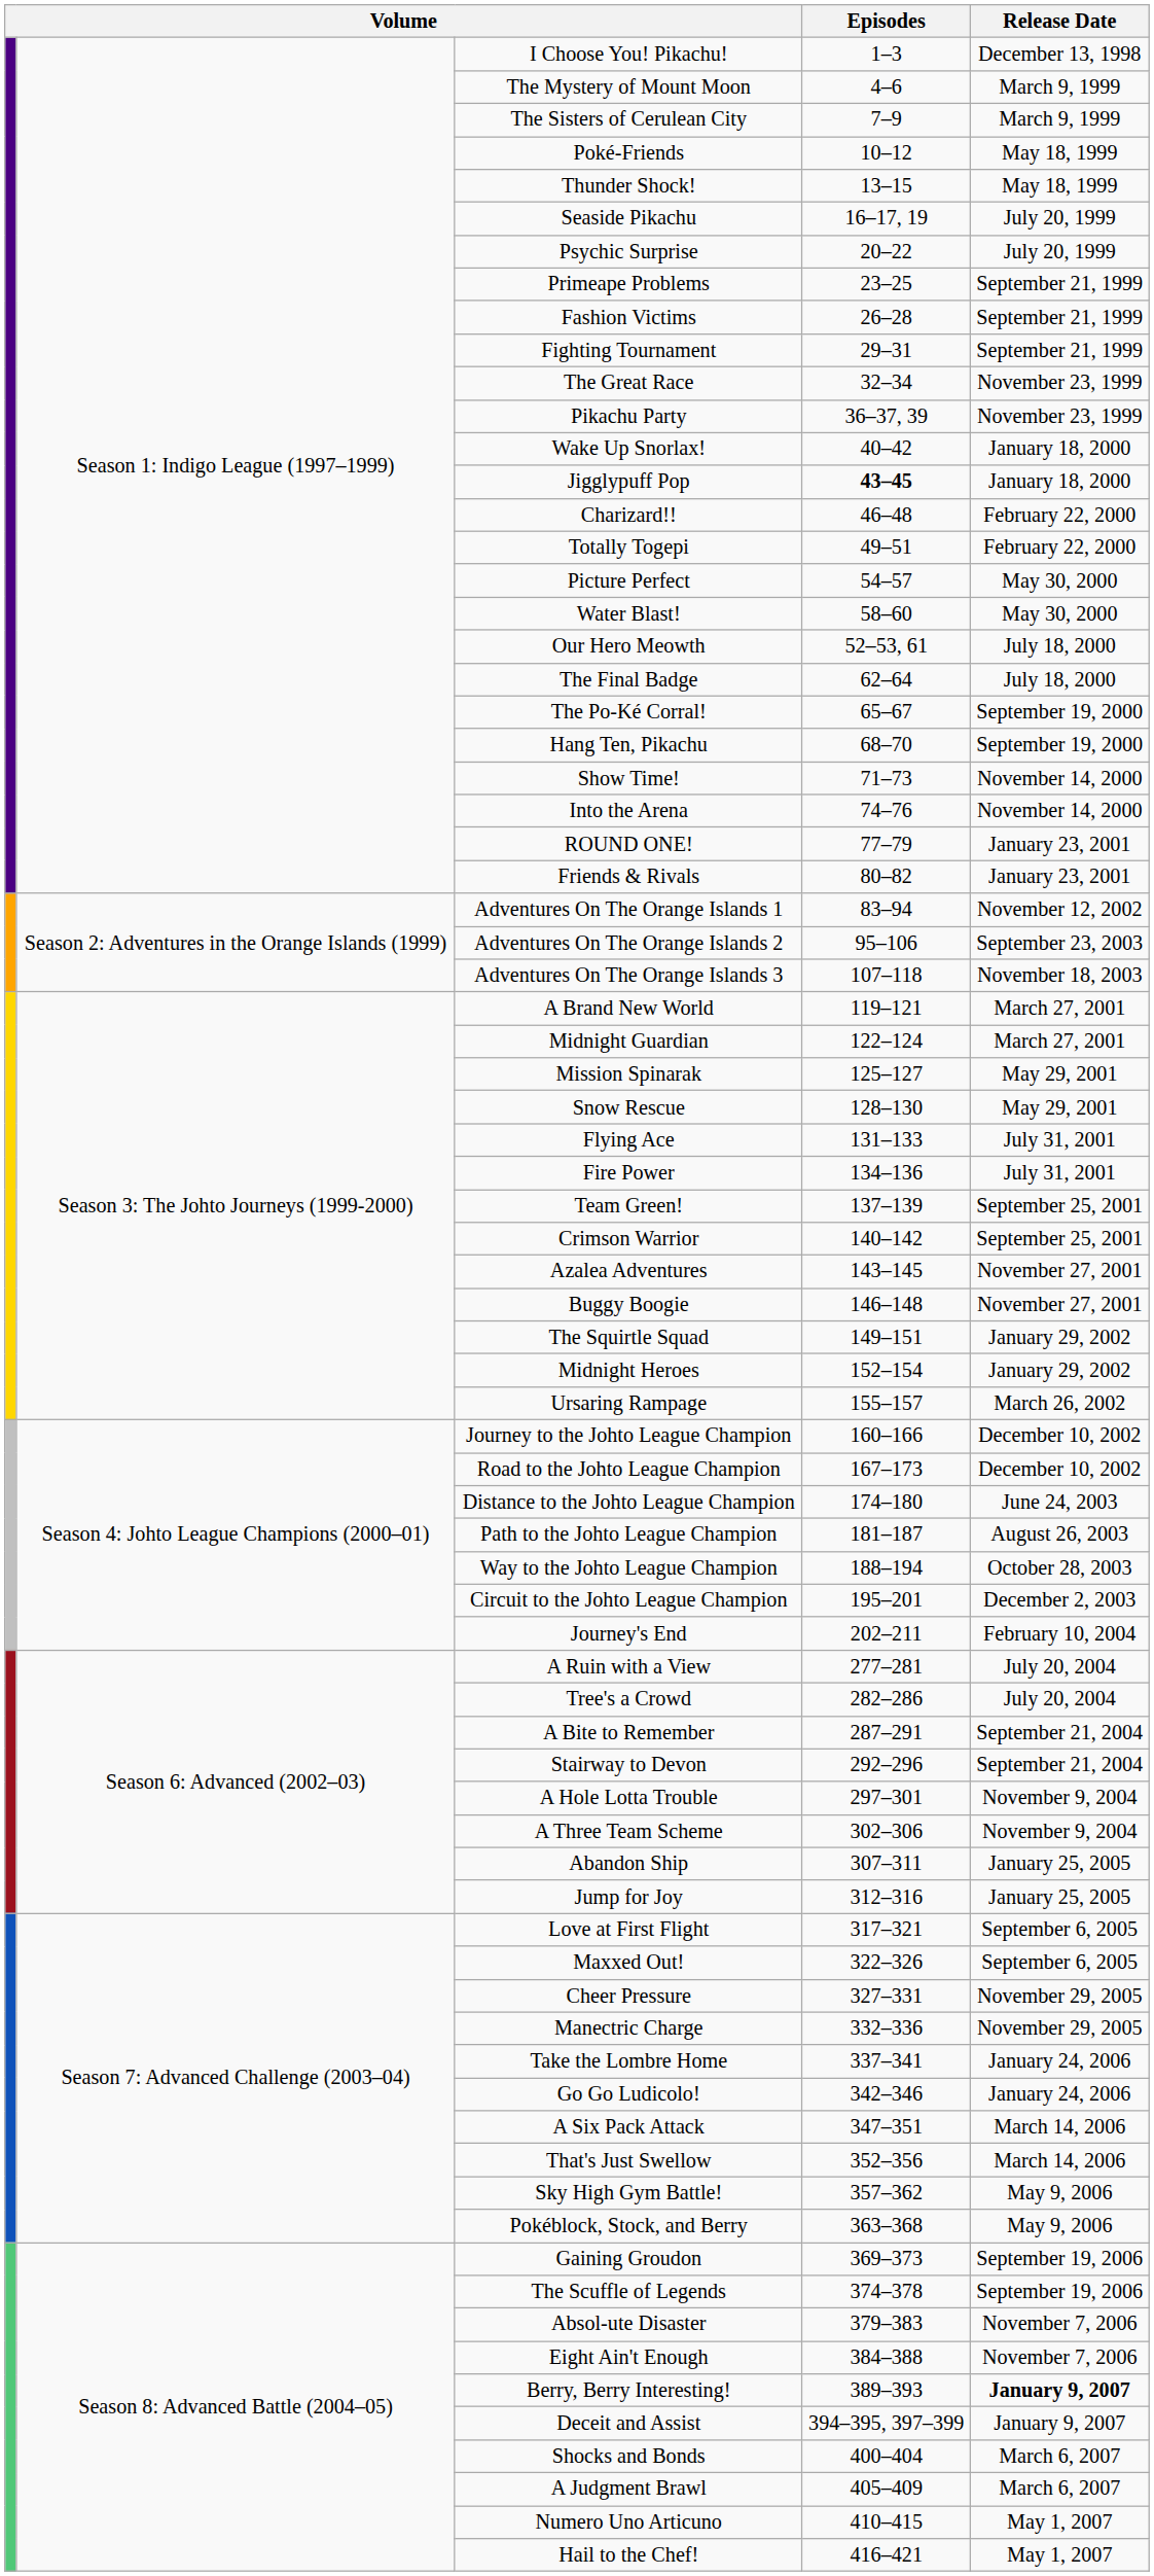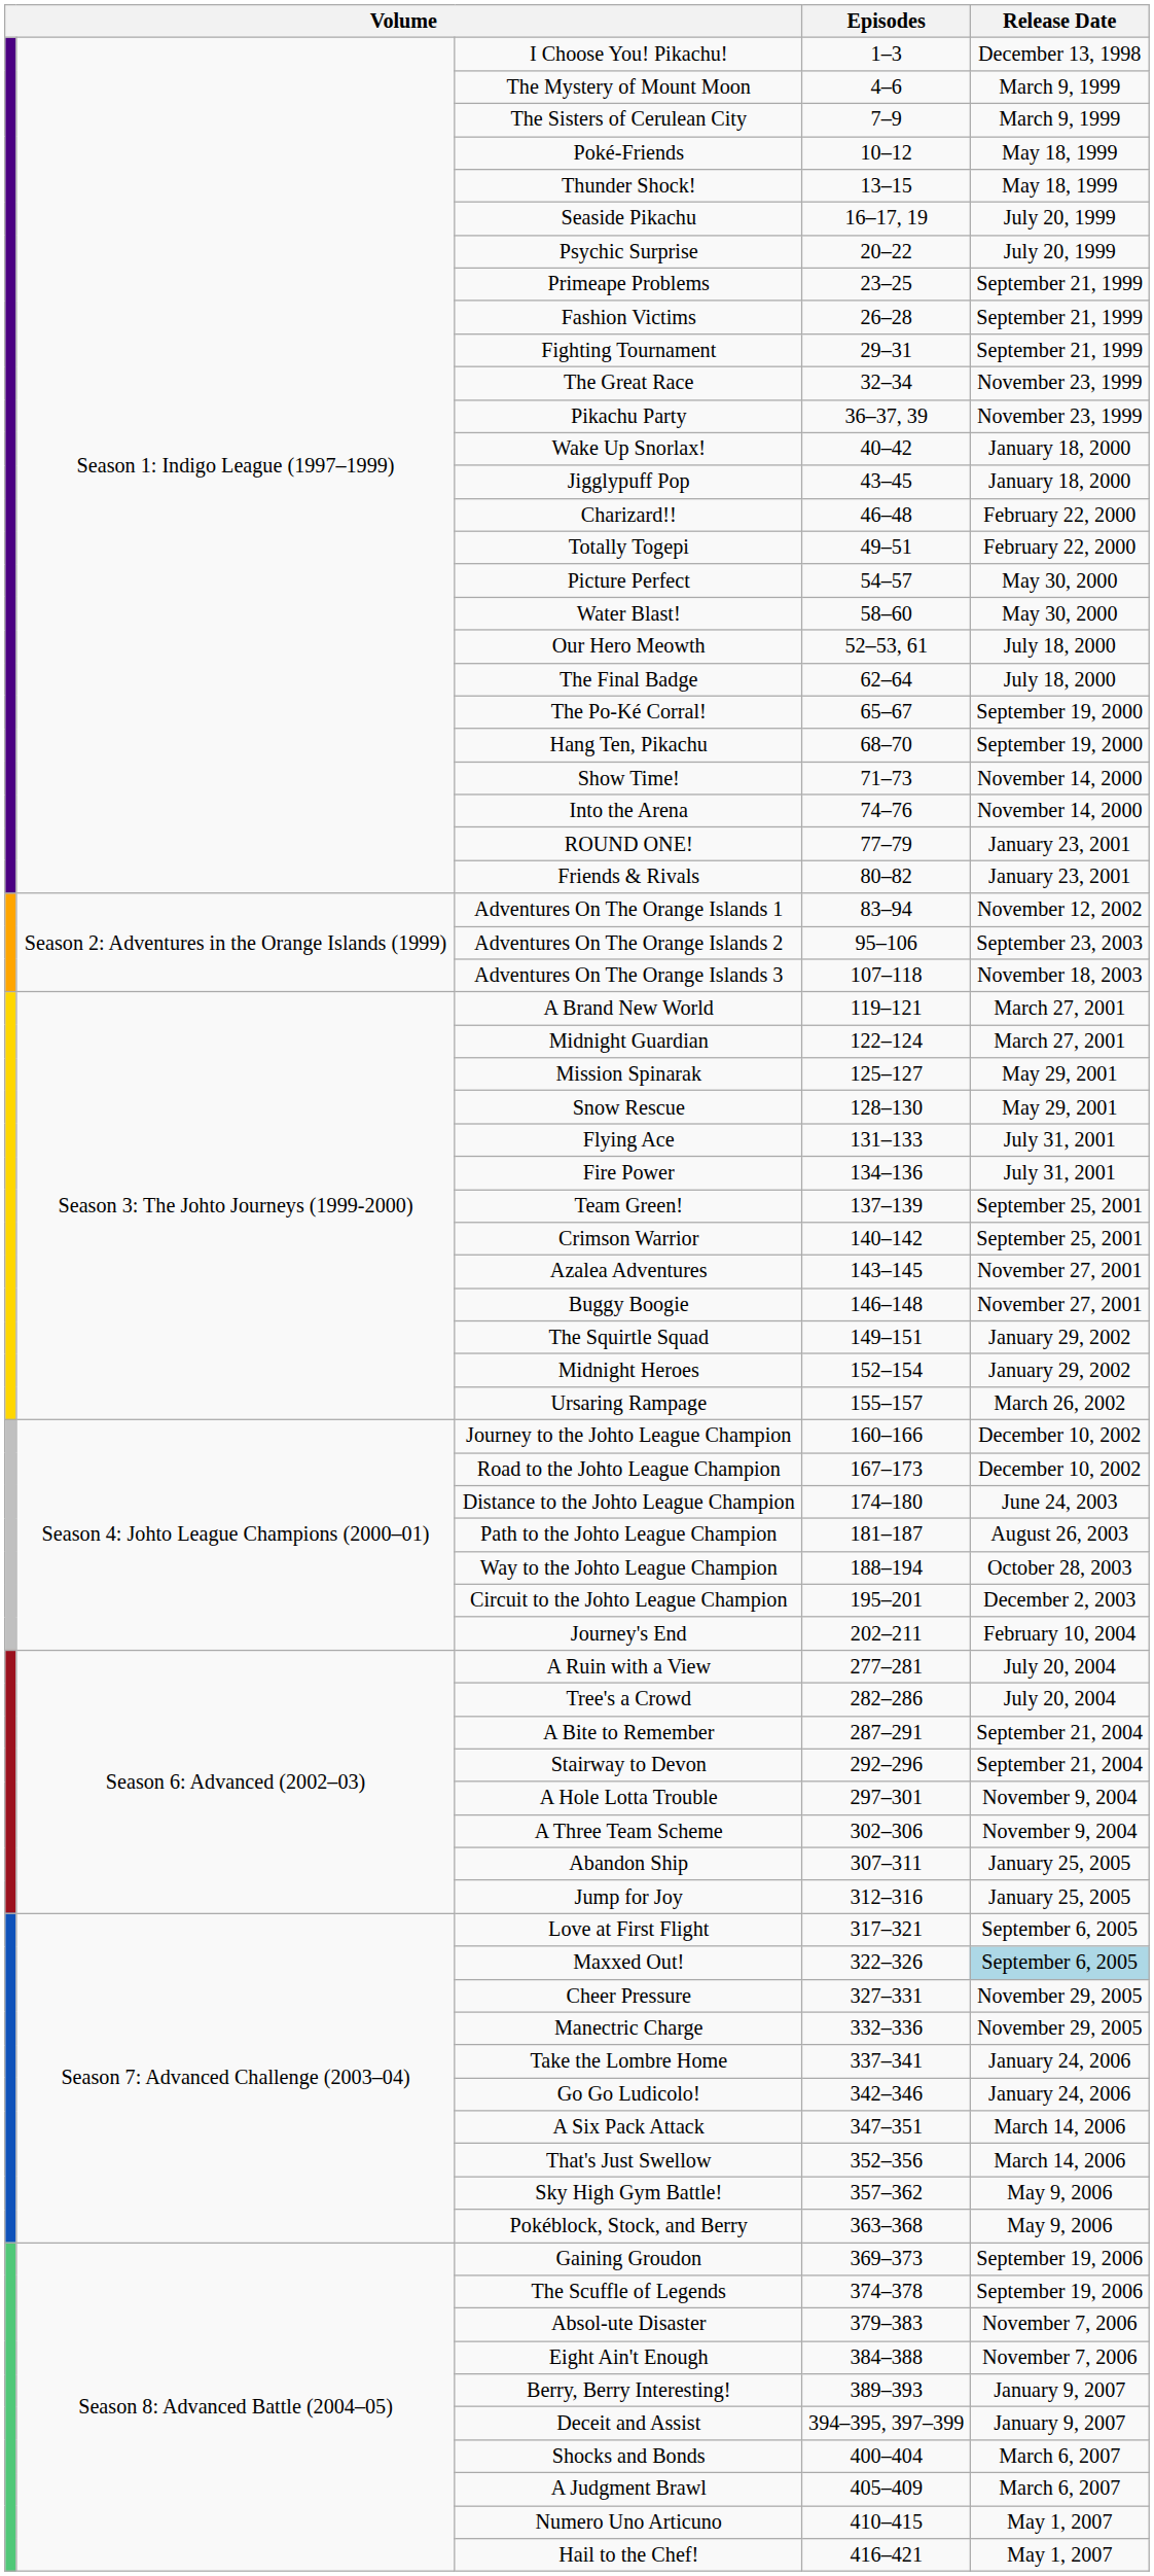 <table class="wikitable" style="text-align: center; width: 100%;">
 <tr>
 <th colspan="3">Volume</th>
 <th>Episodes</th>
 <th>Release Date</th>
 </tr>
 <tr>
 <td rowspan="26" style="width:1%; background:#4B0082;"></td>
 <td rowspan="26">Season 1: Indigo League (1997–1999)</td>
 <td>I Choose You! Pikachu!</td>
 <td>1–3</td>
 <td>December 13, 1998</td>
 </tr>
 <tr>
 <td>The Mystery of Mount Moon</td>
 <td>4–6</td>
 <td>March 9, 1999</td>
 </tr>
 <tr>
 <td>The Sisters of Cerulean City</td>
 <td>7–9</td>
 <td>March 9, 1999</td>
 </tr>
 <tr>
 <td>Poké-Friends</td>
 <td>10–12</td>
 <td>May 18, 1999</td>
 </tr>
 <tr>
 <td>Thunder Shock!</td>
 <td>13–15</td>
 <td>May 18, 1999</td>
 </tr>
 <tr>
 <td>Seaside Pikachu</td>
 <td>16–17, 19</td>
 <td>July 20, 1999</td>
 </tr>
 <tr>
 <td>Psychic Surprise</td>
 <td>20–22</td>
 <td>July 20, 1999</td>
 </tr>
 <tr>
 <td>Primeape Problems</td>
 <td>23–25</td>
 <td>September 21, 1999</td>
 </tr>
 <tr>
 <td>Fashion Victims</td>
 <td>26–28</td>
 <td>September 21, 1999</td>
 </tr>
 <tr>
 <td>Fighting Tournament</td>
 <td>29–31</td>
 <td>September 21, 1999</td>
 </tr>
 <tr>
 <td>The Great Race</td>
 <td>32–34</td>
 <td>November 23, 1999</td>
 </tr>
 <tr>
 <td>Pikachu Party</td>
 <td>36–37, 39</td>
 <td>November 23, 1999</td>
 </tr>
 <tr>
 <td>Wake Up Snorlax!</td>
 <td>40–42</td>
 <td>January 18, 2000</td>
 </tr>
 <tr>
 <td>Jigglypuff Pop</td>
-<td><strong>43–45</strong></td>
+<td>43–45</td>
 <td>January 18, 2000</td>
 </tr>
 <tr>
 <td>Charizard!!</td>
 <td>46–48</td>
 <td>February 22, 2000</td>
 </tr>
 <tr>
 <td>Totally Togepi</td>
 <td>49–51</td>
 <td>February 22, 2000</td>
 </tr>
 <tr>
 <td>Picture Perfect</td>
 <td>54–57</td>
 <td>May 30, 2000</td>
 </tr>
 <tr>
 <td>Water Blast!</td>
 <td>58–60</td>
 <td>May 30, 2000</td>
 </tr>
 <tr>
 <td>Our Hero Meowth</td>
 <td>52–53, 61</td>
 <td>July 18, 2000</td>
 </tr>
 <tr>
 <td>The Final Badge</td>
 <td>62–64</td>
 <td>July 18, 2000</td>
 </tr>
 <tr>
 <td>The Po-Ké Corral!</td>
 <td>65–67</td>
 <td>September 19, 2000</td>
 </tr>
 <tr>
 <td>Hang Ten, Pikachu</td>
 <td>68–70</td>
 <td>September 19, 2000</td>
 </tr>
 <tr>
 <td>Show Time!</td>
 <td>71–73</td>
 <td>November 14, 2000</td>
 </tr>
 <tr>
 <td>Into the Arena</td>
 <td>74–76</td>
 <td>November 14, 2000</td>
 </tr>
 <tr>
 <td>ROUND ONE!</td>
 <td>77–79</td>
 <td>January 23, 2001</td>
 </tr>
 <tr>
 <td>Friends & Rivals</td>
 <td>80–82</td>
 <td>January 23, 2001</td>
 </tr>
 <tr>
 <td rowspan="3" style="width:1%; background:#FFA500;"></td>
 <td rowspan="3">Season 2: Adventures in the Orange Islands (1999)</td>
 <td>Adventures On The Orange Islands 1</td>
 <td>83–94</td>
 <td>November 12, 2002</td>
 </tr>
 <tr>
 <td>Adventures On The Orange Islands 2</td>
 <td>95–106</td>
 <td>September 23, 2003</td>
 </tr>
 <tr>
 <td>Adventures On The Orange Islands 3</td>
 <td>107–118</td>
 <td>November 18, 2003</td>
 </tr>
 <tr>
 <td rowspan="13" style="width:1%; background:#FFD700;"></td>
 <td rowspan="13">Season 3: The Johto Journeys (1999-2000)</td>
 <td>A Brand New World</td>
 <td>119–121</td>
 <td>March 27, 2001</td>
 </tr>
 <tr>
 <td>Midnight Guardian</td>
 <td>122–124</td>
 <td>March 27, 2001</td>
 </tr>
 <tr>
 <td>Mission Spinarak</td>
 <td>125–127</td>
 <td>May 29, 2001</td>
 </tr>
 <tr>
 <td>Snow Rescue</td>
 <td>128–130</td>
 <td>May 29, 2001</td>
 </tr>
 <tr>
 <td>Flying Ace</td>
 <td>131–133</td>
 <td>July 31, 2001</td>
 </tr>
 <tr>
 <td>Fire Power</td>
 <td>134–136</td>
 <td>July 31, 2001</td>
 </tr>
 <tr>
 <td>Team Green!</td>
 <td>137–139</td>
 <td>September 25, 2001</td>
 </tr>
 <tr>
 <td>Crimson Warrior</td>
 <td>140–142</td>
 <td>September 25, 2001</td>
 </tr>
 <tr>
 <td>Azalea Adventures</td>
 <td>143–145</td>
 <td>November 27, 2001</td>
 </tr>
 <tr>
 <td>Buggy Boogie</td>
 <td>146–148</td>
 <td>November 27, 2001</td>
 </tr>
 <tr>
 <td>The Squirtle Squad</td>
 <td>149–151</td>
 <td>January 29, 2002</td>
 </tr>
 <tr>
 <td>Midnight Heroes</td>
 <td>152–154</td>
 <td>January 29, 2002</td>
 </tr>
 <tr>
 <td>Ursaring Rampage</td>
 <td>155–157</td>
 <td>March 26, 2002</td>
 </tr>
 <tr>
 <td rowspan="7" style="width:1%; background:#C0C0C0;"></td>
 <td rowspan="7">Season 4: Johto League Champions (2000–01)</td>
 <td>Journey to the Johto League Champion</td>
 <td>160–166</td>
 <td>December 10, 2002</td>
 </tr>
 <tr>
 <td>Road to the Johto League Champion</td>
 <td>167–173</td>
 <td>December 10, 2002</td>
 </tr>
 <tr>
 <td>Distance to the Johto League Champion</td>
 <td>174–180</td>
 <td>June 24, 2003</td>
 </tr>
 <tr>
 <td>Path to the Johto League Champion</td>
 <td>181–187</td>
 <td>August 26, 2003</td>
 </tr>
 <tr>
 <td>Way to the Johto League Champion</td>
 <td>188–194</td>
 <td>October 28, 2003</td>
 </tr>
 <tr>
 <td>Circuit to the Johto League Champion</td>
 <td>195–201</td>
 <td>December 2, 2003</td>
 </tr>
 <tr>
 <td>Journey's End</td>
 <td>202–211</td>
 <td>February 10, 2004</td>
 </tr>
 <tr>
 <td rowspan="8" style="width:1%; background:#9B111E;"></td>
 <td rowspan="8">Season 6: Advanced (2002–03)</td>
 <td>A Ruin with a View</td>
 <td>277–281</td>
 <td>July 20, 2004</td>
 </tr>
 <tr>
 <td>Tree's a Crowd</td>
 <td>282–286</td>
 <td>July 20, 2004</td>
 </tr>
 <tr>
 <td>A Bite to Remember</td>
 <td>287–291</td>
 <td>September 21, 2004</td>
 </tr>
 <tr>
 <td>Stairway to Devon</td>
 <td>292–296</td>
 <td>September 21, 2004</td>
 </tr>
 <tr>
 <td>A Hole Lotta Trouble</td>
 <td>297–301</td>
 <td>November 9, 2004</td>
 </tr>
 <tr>
 <td>A Three Team Scheme</td>
 <td>302–306</td>
 <td>November 9, 2004</td>
 </tr>
 <tr>
 <td>Abandon Ship</td>
 <td>307–311</td>
 <td>January 25, 2005</td>
 </tr>
 <tr>
 <td>Jump for Joy</td>
 <td>312–316</td>
 <td>January 25, 2005</td>
 </tr>
 <tr>
 <td rowspan="10" style="width:1%; background:#0F52BA;"></td>
 <td rowspan="10">Season 7: Advanced Challenge (2003–04)</td>
 <td>Love at First Flight</td>
 <td>317–321</td>
 <td>September 6, 2005</td>
 </tr>
 <tr>
 <td>Maxxed Out!</td>
 <td>322–326</td>
-<td>September 6, 2005</td>
+<td style="background: lightblue;">September 6, 2005</td>
 </tr>
 <tr>
 <td>Cheer Pressure</td>
 <td>327–331</td>
 <td>November 29, 2005</td>
 </tr>
 <tr>
 <td>Manectric Charge</td>
 <td>332–336</td>
 <td>November 29, 2005</td>
 </tr>
 <tr>
 <td>Take the Lombre Home</td>
 <td>337–341</td>
 <td>January 24, 2006</td>
 </tr>
 <tr>
 <td>Go Go Ludicolo!</td>
 <td>342–346</td>
 <td>January 24, 2006</td>
 </tr>
 <tr>
 <td>A Six Pack Attack</td>
 <td>347–351</td>
 <td>March 14, 2006</td>
 </tr>
 <tr>
 <td>That's Just Swellow</td>
 <td>352–356</td>
 <td>March 14, 2006</td>
 </tr>
 <tr>
 <td>Sky High Gym Battle!</td>
 <td>357–362</td>
 <td>May 9, 2006</td>
 </tr>
 <tr>
 <td>Pokéblock, Stock, and Berry</td>
 <td>363–368</td>
 <td>May 9, 2006</td>
 </tr>
 <tr>
 <td rowspan="10" style="width:1%; background:#50C878;"></td>
 <td rowspan="10">Season 8: Advanced Battle (2004–05)</td>
 <td>Gaining Groudon</td>
 <td>369–373</td>
 <td>September 19, 2006</td>
 </tr>
 <tr>
 <td>The Scuffle of Legends</td>
 <td>374–378</td>
 <td>September 19, 2006</td>
 </tr>
 <tr>
 <td>Absol-ute Disaster</td>
 <td>379–383</td>
 <td>November 7, 2006</td>
 </tr>
 <tr>
 <td>Eight Ain't Enough</td>
 <td>384–388</td>
 <td>November 7, 2006</td>
 </tr>
 <tr>
 <td>Berry, Berry Interesting!</td>
 <td>389–393</td>
-<td><strong>January 9, 2007</strong></td>
+<td>January 9, 2007</td>
 </tr>
 <tr>
 <td>Deceit and Assist</td>
 <td>394–395, 397–399</td>
 <td>January 9, 2007</td>
 </tr>
 <tr>
 <td>Shocks and Bonds</td>
 <td>400–404</td>
 <td>March 6, 2007</td>
 </tr>
 <tr>
 <td>A Judgment Brawl</td>
 <td>405–409</td>
 <td>March 6, 2007</td>
 </tr>
 <tr>
 <td>Numero Uno Articuno</td>
 <td>410–415</td>
 <td>May 1, 2007</td>
 </tr>
 <tr>
 <td>Hail to the Chef!</td>
 <td>416–421</td>
 <td>May 1, 2007</td>
 </tr>
 </table>
